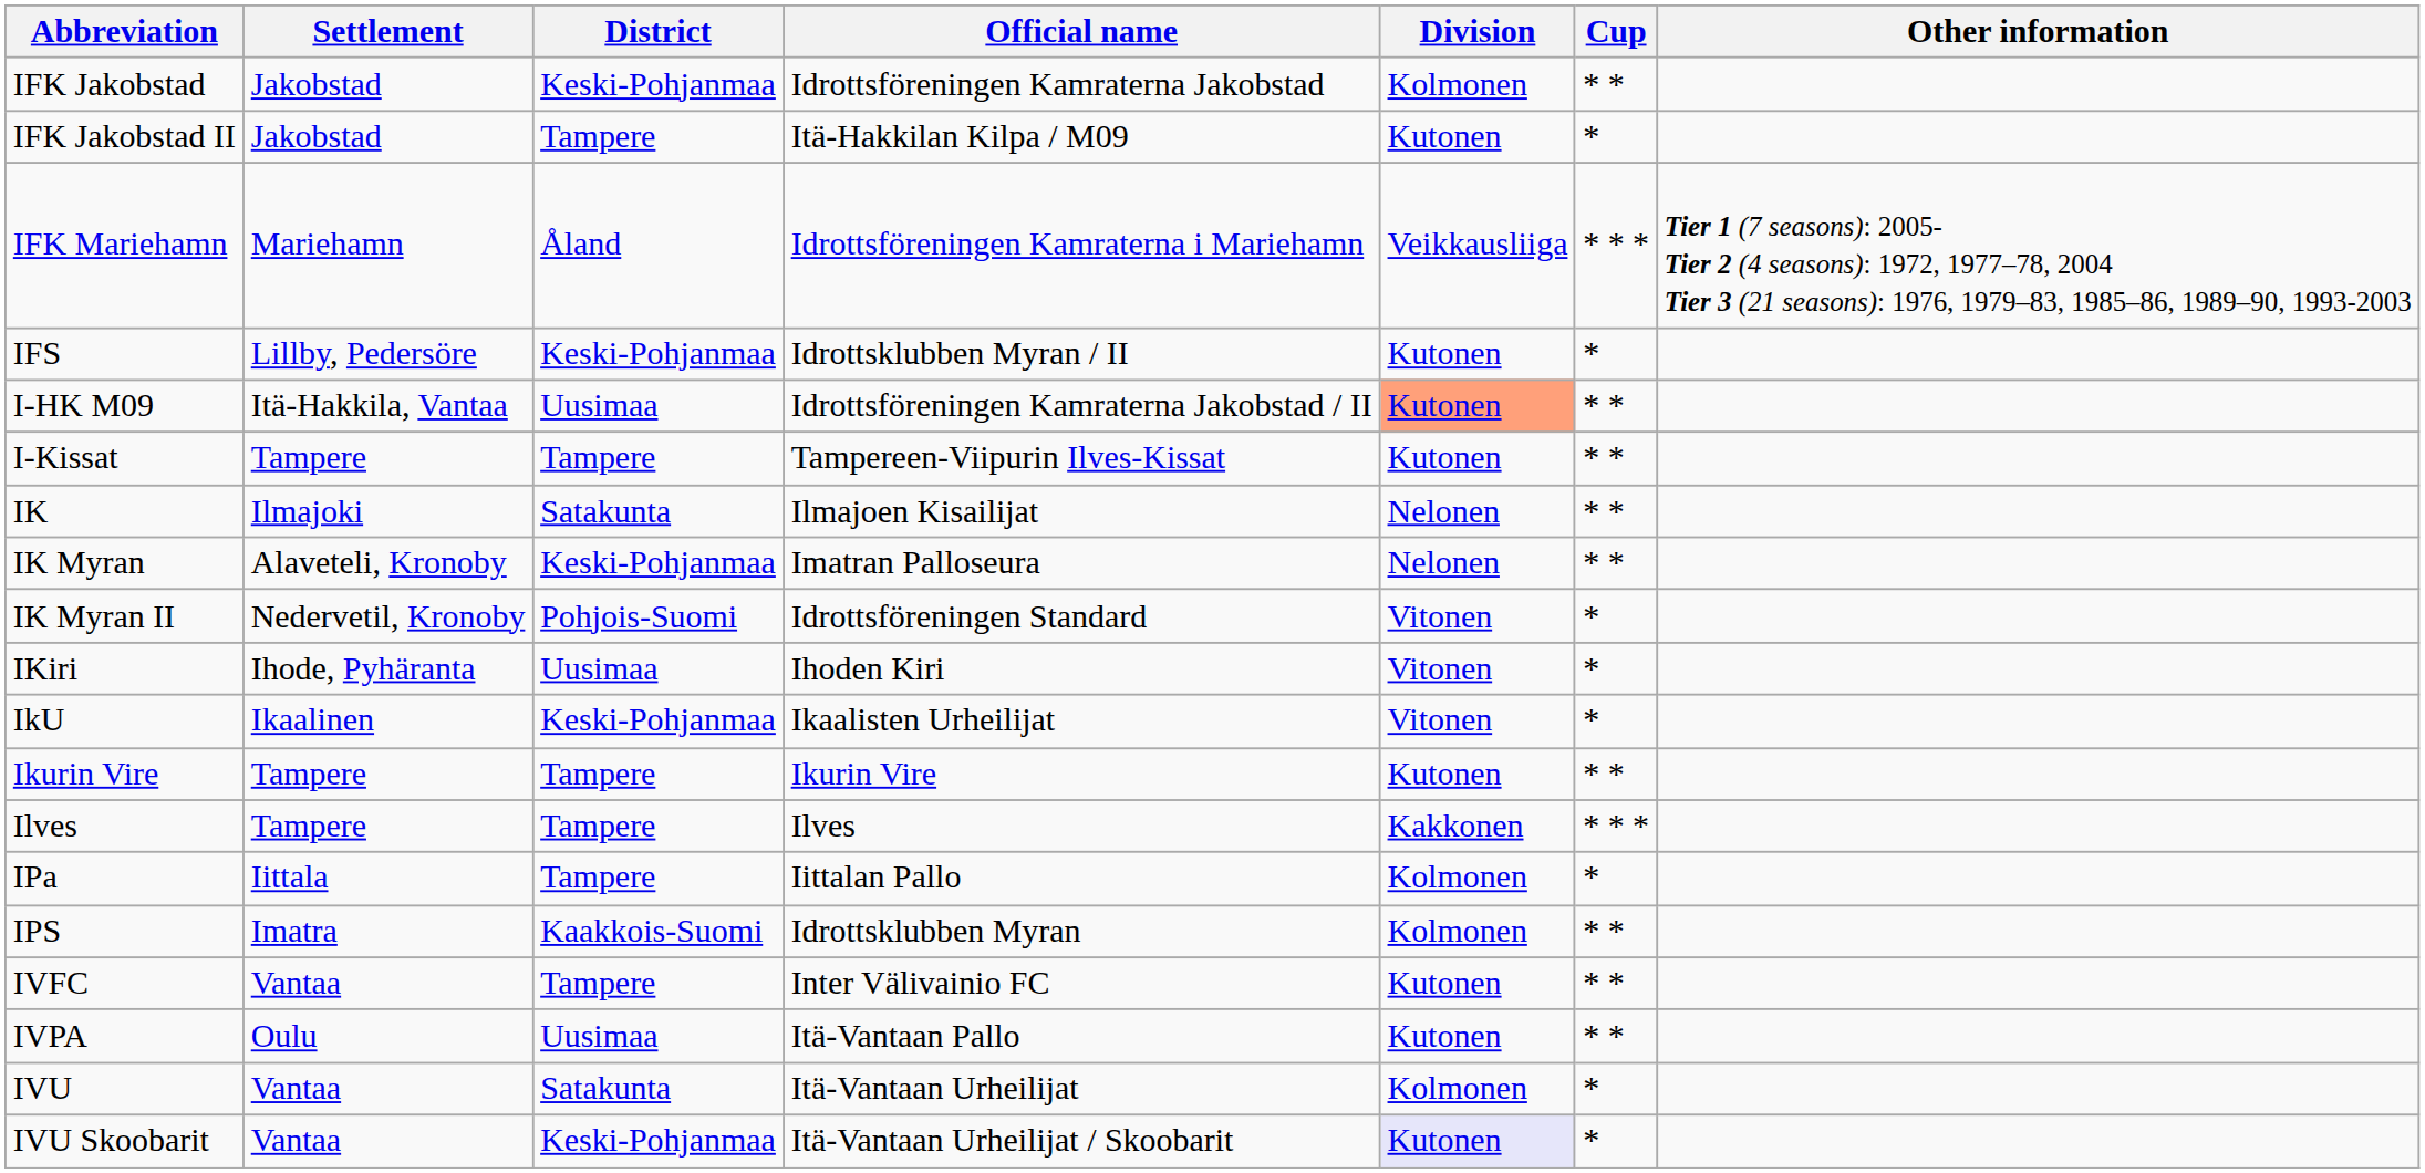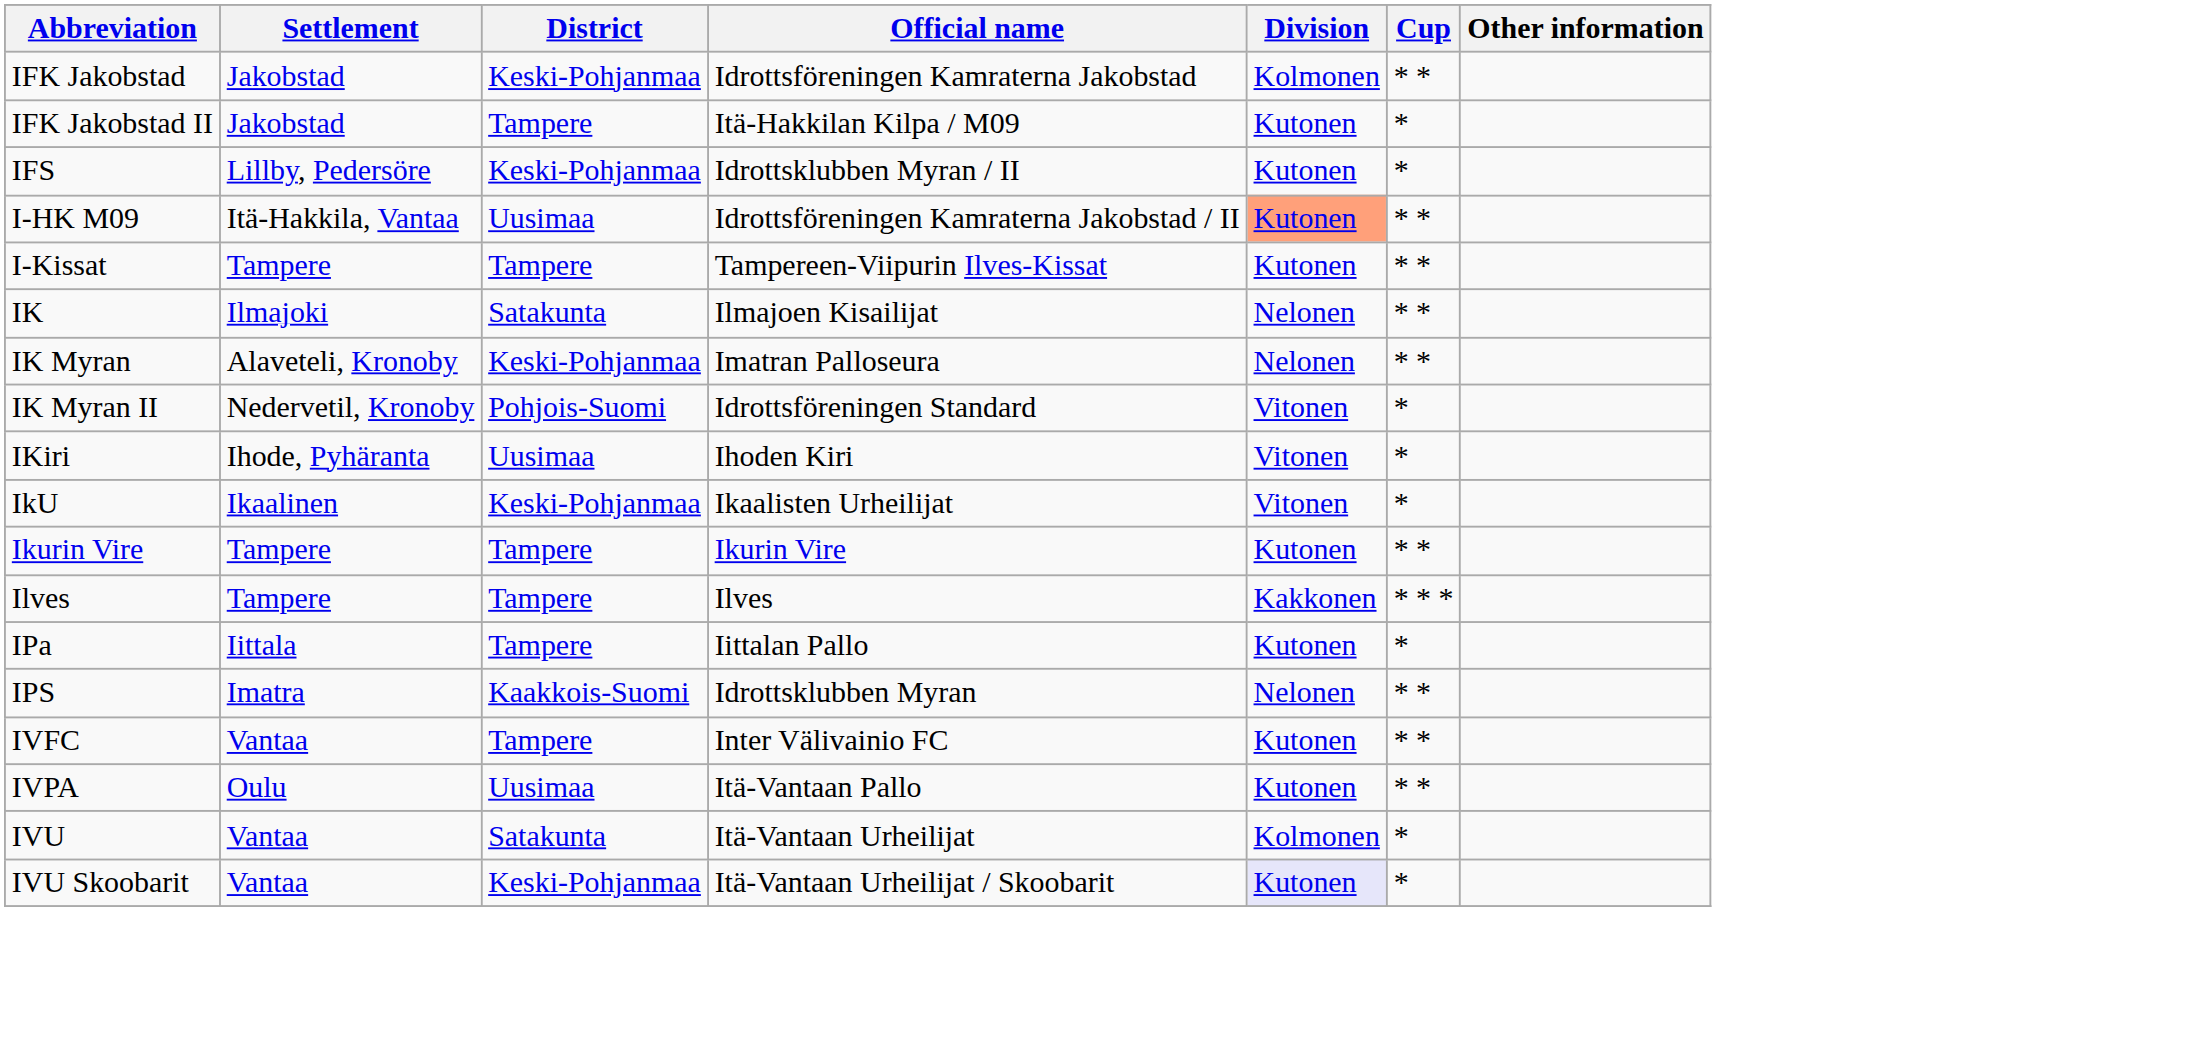 <table class="wikitable" style="text-align:left">
 <tr>
 <th style= width="120px"><a href='#'>Abbreviation</a></th>
 <th style= width="110px"><a href='#'>Settlement</a></th>
 <th style= width="80px"><a href='#'>District</a></th>
 <th style= width="200px"><a href='#'>Official name</a></th>
 <th style= width="80px"><a href='#'>Division</a></th>
 <th style= width="40px"><a href='#'>Cup</a></th>
 <th style= width="220px">Other information</th>
 </tr>
 <tr>
 <td>IFK Jakobstad</td>
 <td><a href='#'>Jakobstad</a></td>
 <td><a href='#'>Keski-Pohjanmaa</a></td>
 <td>Idrottsföreningen Kamraterna Jakobstad</td>
 <td><a href='#'>Kolmonen</a></td>
 <td>* *</td>
 <td></td>
 </tr>
 <tr>
 <td>IFK Jakobstad II</td>
 <td><a href='#'>Jakobstad</a></td>
 <td><a href='#'>Tampere</a></td>
 <td>Itä-Hakkilan Kilpa / M09</td>
 <td><a href='#'>Kutonen</a></td>
 <td>*</td>
 <td></td>
-</tr>
-<tr>
-<td><a href='#'>IFK Mariehamn</a></td>
-<td><a href='#'>Mariehamn</a></td>
-<td><a href='#'>Åland</a></td>
-<td><a href='#'>Idrottsföreningen Kamraterna i Mariehamn</a></td>
-<td><a href='#'>Veikkausliiga</a></td>
-<td>* * *</td>
-<td><br><small><strong><em>Tier 1</em></strong> <em>(7 seasons)</em>: 2005-</small><br> <small><strong><em>Tier 2</em></strong> <em>(4 seasons)</em>: 1972, 1977–78, 2004</small><br> <small><strong><em>Tier 3</em></strong> <em>(21 seasons)</em>: 1976, 1979–83, 1985–86, 1989–90, 1993-2003</small><br></td>
 </tr>
 <tr>
 <td>IFS</td>
 <td><a href='#'>Lillby</a>, <a href='#'>Pedersöre</a></td>
 <td><a href='#'>Keski-Pohjanmaa</a></td>
 <td>Idrottsklubben Myran / II</td>
 <td><a href='#'>Kutonen</a></td>
 <td>*</td>
 <td></td>
 </tr>
 <tr>
 <td>I-HK M09</td>
 <td>Itä-Hakkila, <a href='#'>Vantaa</a></td>
 <td><a href='#'>Uusimaa</a></td>
 <td>Idrottsföreningen Kamraterna Jakobstad / II</td>
 <td style="background: lightsalmon;"><a href='#'>Kutonen</a></td>
 <td>* *</td>
 <td></td>
 </tr>
 <tr>
 <td>I-Kissat</td>
 <td><a href='#'>Tampere</a></td>
 <td><a href='#'>Tampere</a></td>
 <td>Tampereen-Viipurin <a href='#'>Ilves-Kissat</a></td>
 <td><a href='#'>Kutonen</a></td>
 <td>* *</td>
 <td></td>
 </tr>
 <tr>
 <td>IK</td>
 <td><a href='#'>Ilmajoki</a></td>
 <td><a href='#'>Satakunta</a></td>
 <td>Ilmajoen Kisailijat</td>
 <td><a href='#'>Nelonen</a></td>
 <td>* *</td>
 <td></td>
 </tr>
 <tr>
 <td>IK Myran</td>
 <td>Alaveteli,  <a href='#'>Kronoby</a></td>
 <td><a href='#'>Keski-Pohjanmaa</a></td>
 <td>Imatran Palloseura</td>
 <td><a href='#'>Nelonen</a></td>
 <td>* *</td>
 <td></td>
 </tr>
 <tr>
 <td>IK Myran II</td>
 <td>Nedervetil,  <a href='#'>Kronoby</a></td>
 <td><a href='#'>Pohjois-Suomi</a></td>
 <td>Idrottsföreningen Standard</td>
 <td><a href='#'>Vitonen</a></td>
 <td>*</td>
 <td></td>
 </tr>
 <tr>
 <td>IKiri</td>
 <td>Ihode, <a href='#'>Pyhäranta</a></td>
 <td><a href='#'>Uusimaa</a></td>
 <td>Ihoden Kiri</td>
 <td><a href='#'>Vitonen</a></td>
 <td>*</td>
 <td></td>
 </tr>
 <tr>
 <td>IkU</td>
 <td><a href='#'>Ikaalinen</a></td>
 <td><a href='#'>Keski-Pohjanmaa</a></td>
 <td>Ikaalisten Urheilijat</td>
 <td><a href='#'>Vitonen</a></td>
 <td>*</td>
 <td></td>
 </tr>
 <tr>
 <td><a href='#'>Ikurin Vire</a></td>
 <td><a href='#'>Tampere</a></td>
 <td><a href='#'>Tampere</a></td>
 <td><a href='#'>Ikurin Vire</a></td>
 <td><a href='#'>Kutonen</a></td>
 <td>* *</td>
 <td></td>
 </tr>
 <tr>
 <td>Ilves</td>
 <td><a href='#'>Tampere</a></td>
 <td><a href='#'>Tampere</a></td>
 <td>Ilves</td>
 <td><a href='#'>Kakkonen</a></td>
 <td>* * *</td>
 <td></td>
 </tr>
 <tr>
 <td>IPa</td>
 <td><a href='#'>Iittala</a></td>
 <td><a href='#'>Tampere</a></td>
 <td>Iittalan Pallo</td>
-<td><a href='#'>Kolmonen</a></td>
+<td><a href='#'>Kutonen</a></td>
 <td>*</td>
 <td></td>
 </tr>
 <tr>
 <td>IPS</td>
 <td><a href='#'>Imatra</a></td>
 <td><a href='#'>Kaakkois-Suomi</a></td>
 <td>Idrottsklubben Myran</td>
-<td><a href='#'>Kolmonen</a></td>
+<td><a href='#'>Nelonen</a></td>
 <td>* *</td>
 <td></td>
 </tr>
 <tr>
 <td>IVFC</td>
 <td><a href='#'>Vantaa</a></td>
 <td><a href='#'>Tampere</a></td>
 <td>Inter Välivainio FC</td>
 <td><a href='#'>Kutonen</a></td>
 <td>* *</td>
 <td></td>
 </tr>
 <tr>
 <td>IVPA</td>
 <td><a href='#'>Oulu</a></td>
 <td><a href='#'>Uusimaa</a></td>
 <td>Itä-Vantaan Pallo</td>
 <td><a href='#'>Kutonen</a></td>
 <td>* *</td>
 <td></td>
 </tr>
 <tr>
 <td>IVU</td>
 <td><a href='#'>Vantaa</a></td>
 <td><a href='#'>Satakunta</a></td>
 <td>Itä-Vantaan Urheilijat</td>
 <td><a href='#'>Kolmonen</a></td>
 <td>*</td>
 <td></td>
 </tr>
 <tr>
 <td>IVU Skoobarit</td>
 <td><a href='#'>Vantaa</a></td>
 <td><a href='#'>Keski-Pohjanmaa</a></td>
 <td>Itä-Vantaan Urheilijat / Skoobarit</td>
 <td style="background: lavender;"><a href='#'>Kutonen</a></td>
 <td>*</td>
 <td></td>
 </tr>
 <tr>
 </tr>
 </table>
